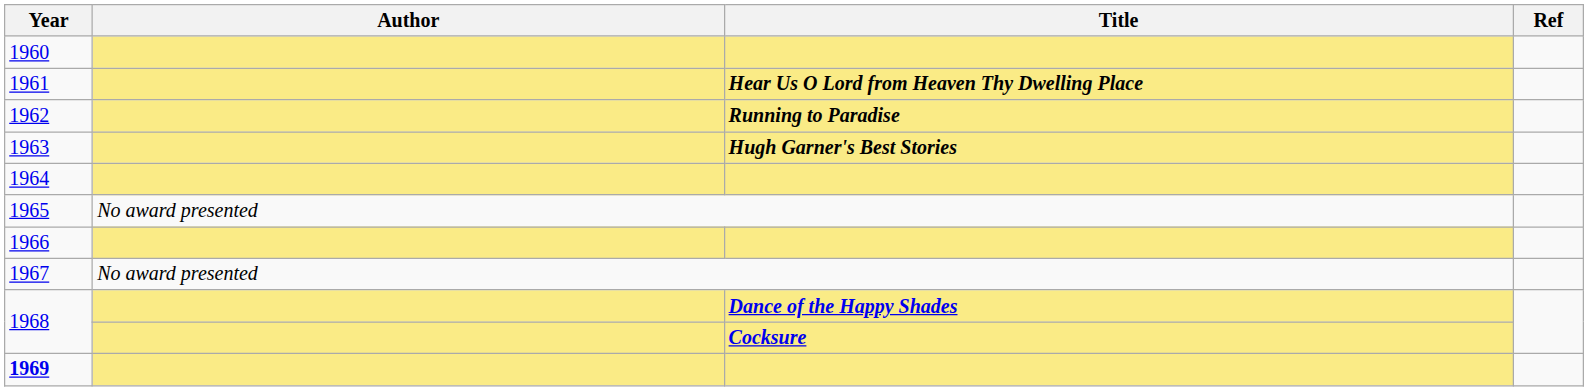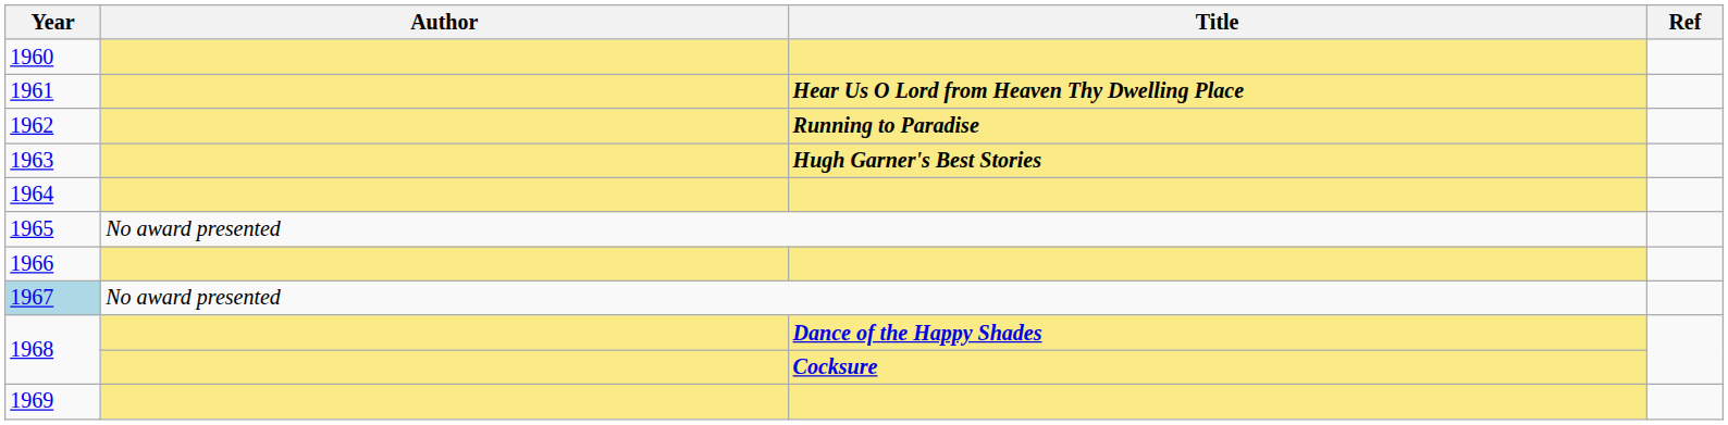 <table class="wikitable sortable mw-collapsible" width="100%">
 <tr>
 <th>Year</th>
 <th width="40%">Author</th>
 <th width="50%">Title</th>
 <th>Ref</th>
 </tr>
 <tr>
 <td><a href='#'>1960</a></td>
 <td style="background:#FAEB86"><strong></strong></td>
 <td style="background:#FAEB86"><strong><em></em></strong></td>
 <td></td>
 </tr>
 <tr>
 <td><a href='#'>1961</a></td>
 <td style="background:#FAEB86"><strong></strong></td>
 <td style="background:#FAEB86"><strong><em>Hear Us O Lord from Heaven Thy Dwelling Place</em></strong></td>
 <td></td>
 </tr>
 <tr>
 <td><a href='#'>1962</a></td>
 <td style="background:#FAEB86"><strong></strong></td>
 <td style="background:#FAEB86"><strong><em>Running to Paradise</em></strong></td>
 <td></td>
 </tr>
 <tr>
 <td><a href='#'>1963</a></td>
 <td style="background:#FAEB86"><strong></strong></td>
 <td style="background:#FAEB86"><strong><em>Hugh Garner's Best Stories</em></strong></td>
 <td></td>
 </tr>
 <tr>
 <td><a href='#'>1964</a></td>
 <td style="background:#FAEB86"><strong></strong></td>
 <td style="background:#FAEB86"><strong><em></em></strong></td>
 <td></td>
 </tr>
 <tr>
 <td><a href='#'>1965</a></td>
 <td colspan="2"><em>No award presented</em></td>
 <td></td>
 </tr>
 <tr>
 <td><a href='#'>1966</a></td>
 <td style="background:#FAEB86"><strong></strong></td>
 <td style="background:#FAEB86"><strong><em></em></strong></td>
 <td></td>
 </tr>
 <tr>
-<td><a href='#'>1967</a></td>
+<td style="background: lightblue;"><a href='#'>1967</a></td>
 <td colspan="2"><em>No award presented</em></td>
 <td></td>
 </tr>
 <tr>
 <td rowspan="2"><a href='#'>1968</a></td>
 <td style="background:#FAEB86"><strong></strong></td>
 <td style="background:#FAEB86"><strong><em><a href='#'>Dance of the Happy Shades</a></em></strong></td>
 <td rowspan=2></td>
 </tr>
 <tr>
 <td style="background:#FAEB86"><strong></strong></td>
 <td style="background:#FAEB86"><strong><em><a href='#'>Cocksure</a></em></strong></td>
 </tr>
 <tr>
-<td><strong><a href='#'>1969</a></strong></td>
+<td><a href='#'>1969</a></td>
 <td style="background:#FAEB86"><strong></strong></td>
 <td style="background:#FAEB86"><strong><em></em></strong></td>
 <td></td>
 </tr>
 </table>
